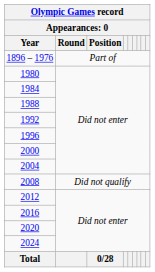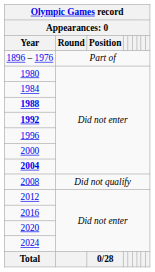 <table class="wikitable" style="text-align: center;font-size:90%;">
 <tr>
 <th colspan=9><a href='#'>Olympic Games</a> record</th>
 </tr>
 <tr>
 <th colspan=9>Appearances: 0</th>
 </tr>
 <tr>
 <th>Year</th>
 <th>Round</th>
 <th>Position</th>
 <th></th>
 <th></th>
 <th></th>
 <th></th>
 <th></th>
 <th></th>
 </tr>
 <tr>
 <td><a href='#'>1896</a> – <a href='#'>1976</a></td>
 <td colspan=8><em>Part of </em></td>
 </tr>
 <tr>
 <td> <a href='#'>1980</a></td>
 <td colspan=8 rowspan=7><em>Did not enter</em></td>
 </tr>
 <tr>
 <td> <a href='#'>1984</a></td>
 </tr>
 <tr>
-<td> <a href='#'>1988</a></td>
+<td><strong> <a href='#'>1988</a></strong></td>
 </tr>
 <tr>
-<td> <a href='#'>1992</a></td>
+<td><strong> <a href='#'>1992</a></strong></td>
 </tr>
 <tr>
 <td> <a href='#'>1996</a></td>
 </tr>
 <tr>
 <td> <a href='#'>2000</a></td>
 </tr>
 <tr>
-<td> <a href='#'>2004</a></td>
+<td><strong> <a href='#'>2004</a></strong></td>
 </tr>
 <tr>
 <td> <a href='#'>2008</a></td>
 <td colspan=8><em>Did not qualify</em></td>
 </tr>
 <tr>
 <td> <a href='#'>2012</a></td>
 <td colspan=8 rowspan=4><em>Did not enter</em></td>
 </tr>
 <tr>
 <td> <a href='#'>2016</a></td>
 </tr>
 <tr>
 <td> <a href='#'>2020</a></td>
 </tr>
 <tr>
 <td> <a href='#'>2024</a></td>
 </tr>
 <tr>
 <th>Total</th>
 <th></th>
 <th>0/28</th>
 <th></th>
 <th></th>
 <th></th>
 <th></th>
 <th></th>
 <th></th>
 </tr>
 </table>
